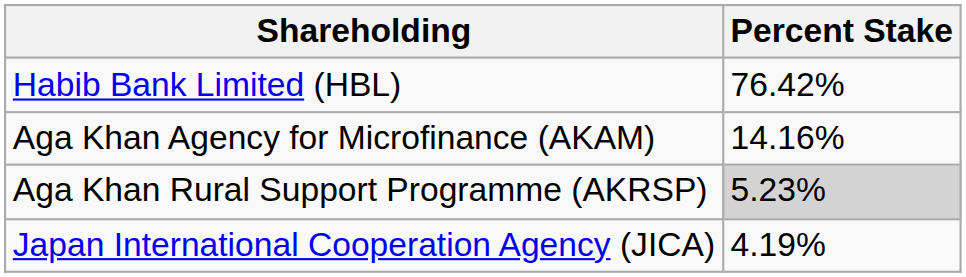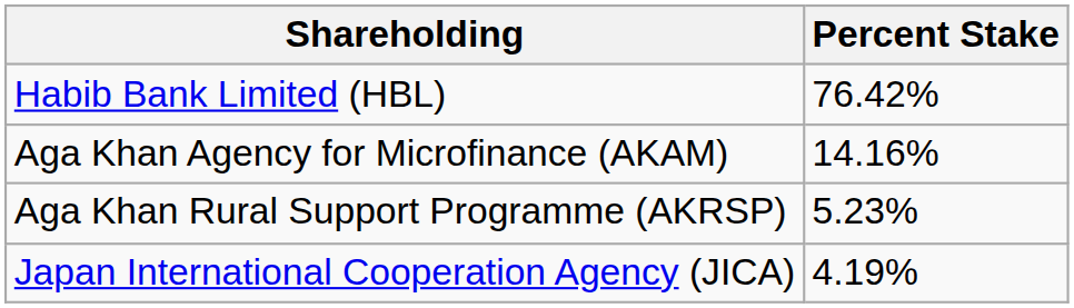 <table class="wikitable">
 <tr>
 <th>Shareholding</th>
 <th>Percent Stake</th>
 </tr>
 <tr>
 <td><a href='#'>Habib Bank Limited</a> (HBL)</td>
 <td>76.42%</td>
 </tr>
 <tr>
 <td>Aga Khan Agency for Microfinance (AKAM)</td>
 <td>14.16%</td>
 </tr>
 <tr>
 <td>Aga Khan Rural Support Programme (AKRSP)</td>
-<td style="background: lightgrey;">5.23%</td>
+<td>5.23%</td>
 </tr>
 <tr>
 <td><a href='#'>Japan International Cooperation Agency</a> (JICA)</td>
 <td>4.19%</td>
 </tr>
 </table>
